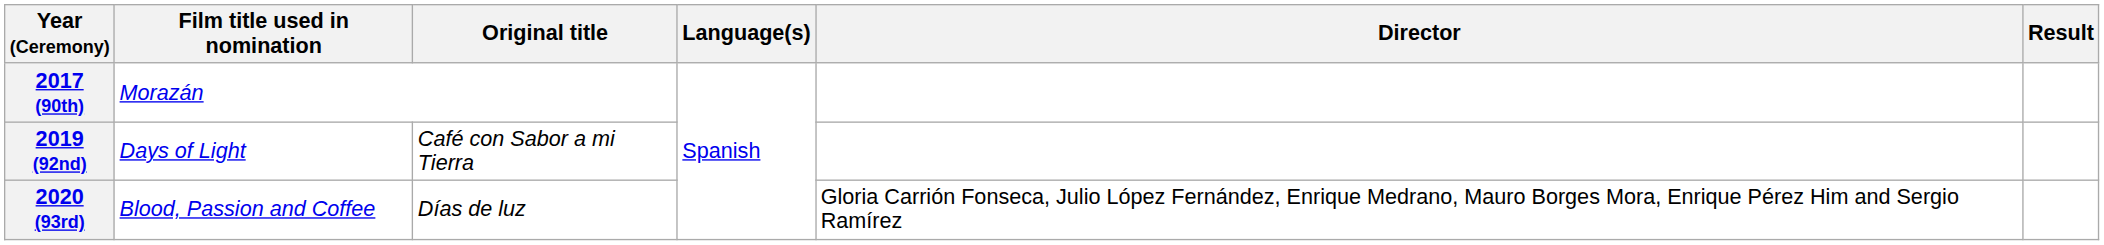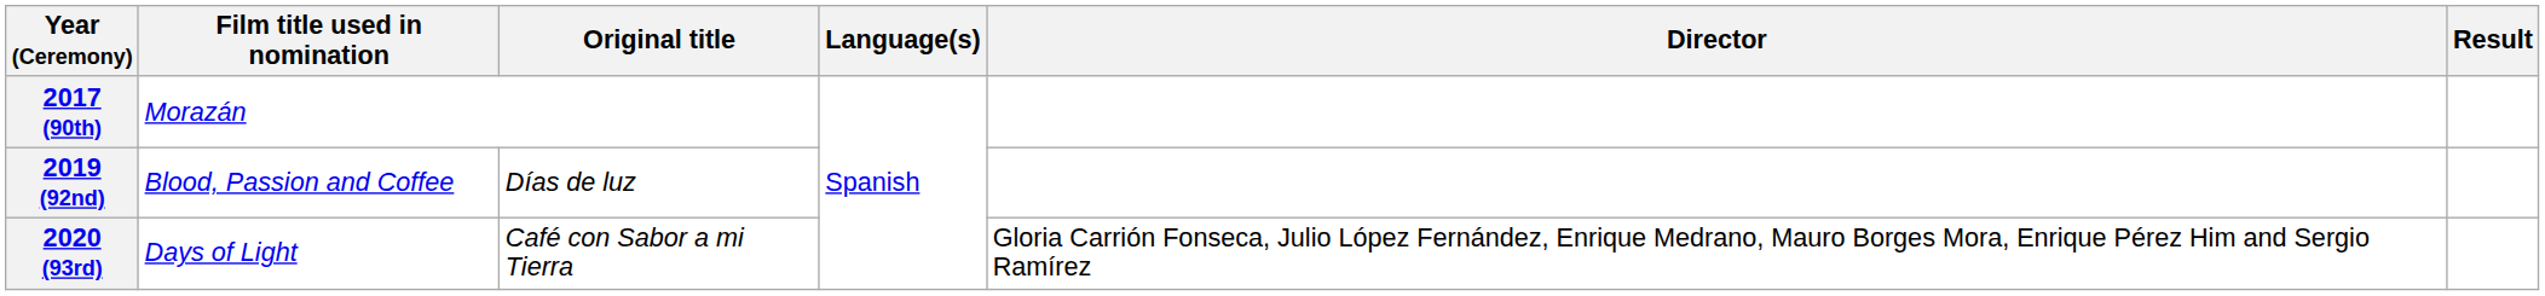 <table class="wikitable sortable" width="98%" style="background:#ffffff;">
 <tr>
 <th>Year<br><small>(Ceremony)</small></th>
 <th>Film title used in nomination</th>
 <th>Original title</th>
 <th>Language(s)</th>
 <th>Director</th>
 <th>Result</th>
 </tr>
 <tr>
 <th align="center"><a href='#'>2017</a><br><small><a href='#'>(90th)</a></small></th>
 <td colspan="2"><em><a href='#'>Morazán</a></em></td>
 <td rowspan="3"><a href='#'>Spanish</a></td>
 <td></td>
 <td></td>
 </tr>
 <tr>
 <th align="center"><a href='#'>2019</a><br><small><a href='#'>(92nd)</a></small></th>
-<td><em><a href='#'>Days of Light</a></em></td>
-<td><em>Café con Sabor a mi Tierra</em></td>
+<td><em><a href='#'>Blood, Passion and Coffee</a></em></td>
+<td><em>Días de luz</em></td>
 <td></td>
 <td></td>
 </tr>
 <tr>
 <th align="center"><a href='#'>2020</a><br><small><a href='#'>(93rd)</a></small></th>
-<td><em><a href='#'>Blood, Passion and Coffee</a></em></td>
-<td><em>Días de luz</em></td>
+<td><em><a href='#'>Days of Light</a></em></td>
+<td><em>Café con Sabor a mi Tierra</em></td>
 <td>Gloria Carrión Fonseca, Julio López Fernández, Enrique Medrano, Mauro Borges Mora, Enrique Pérez Him and Sergio Ramírez</td>
 <td></td>
 </tr>
 </table>
